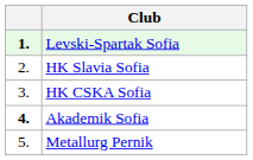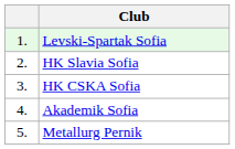 <table class="wikitable">
 <tr>
 <th width="30"></th>
 <th width="200">Club</th>
 </tr>
 <tr bgcolor="#e6fae6" align="center">
-<td><strong>1.</strong></td>
+<td>1.</td>
 <td align="left"><a href='#'>Levski-Spartak Sofia</a></td>
 </tr>
 <tr bgcolor="#FFFFFF" align="center">
 <td>2.</td>
 <td align="left"><a href='#'>HK Slavia Sofia</a></td>
 </tr>
 <tr bgcolor="#FFFFFF" align="center">
 <td>3.</td>
 <td align="left"><a href='#'>HK CSKA Sofia</a></td>
 </tr>
 <tr bgcolor="#FFFFFF" align="center">
-<td><strong>4.</strong></td>
+<td>4.</td>
 <td align="left"><a href='#'>Akademik Sofia</a></td>
 </tr>
 <tr bgcolor="#FFFFFF" align="center">
 <td>5.</td>
 <td align="left"><a href='#'>Metallurg Pernik</a></td>
 </tr>
 </table>
